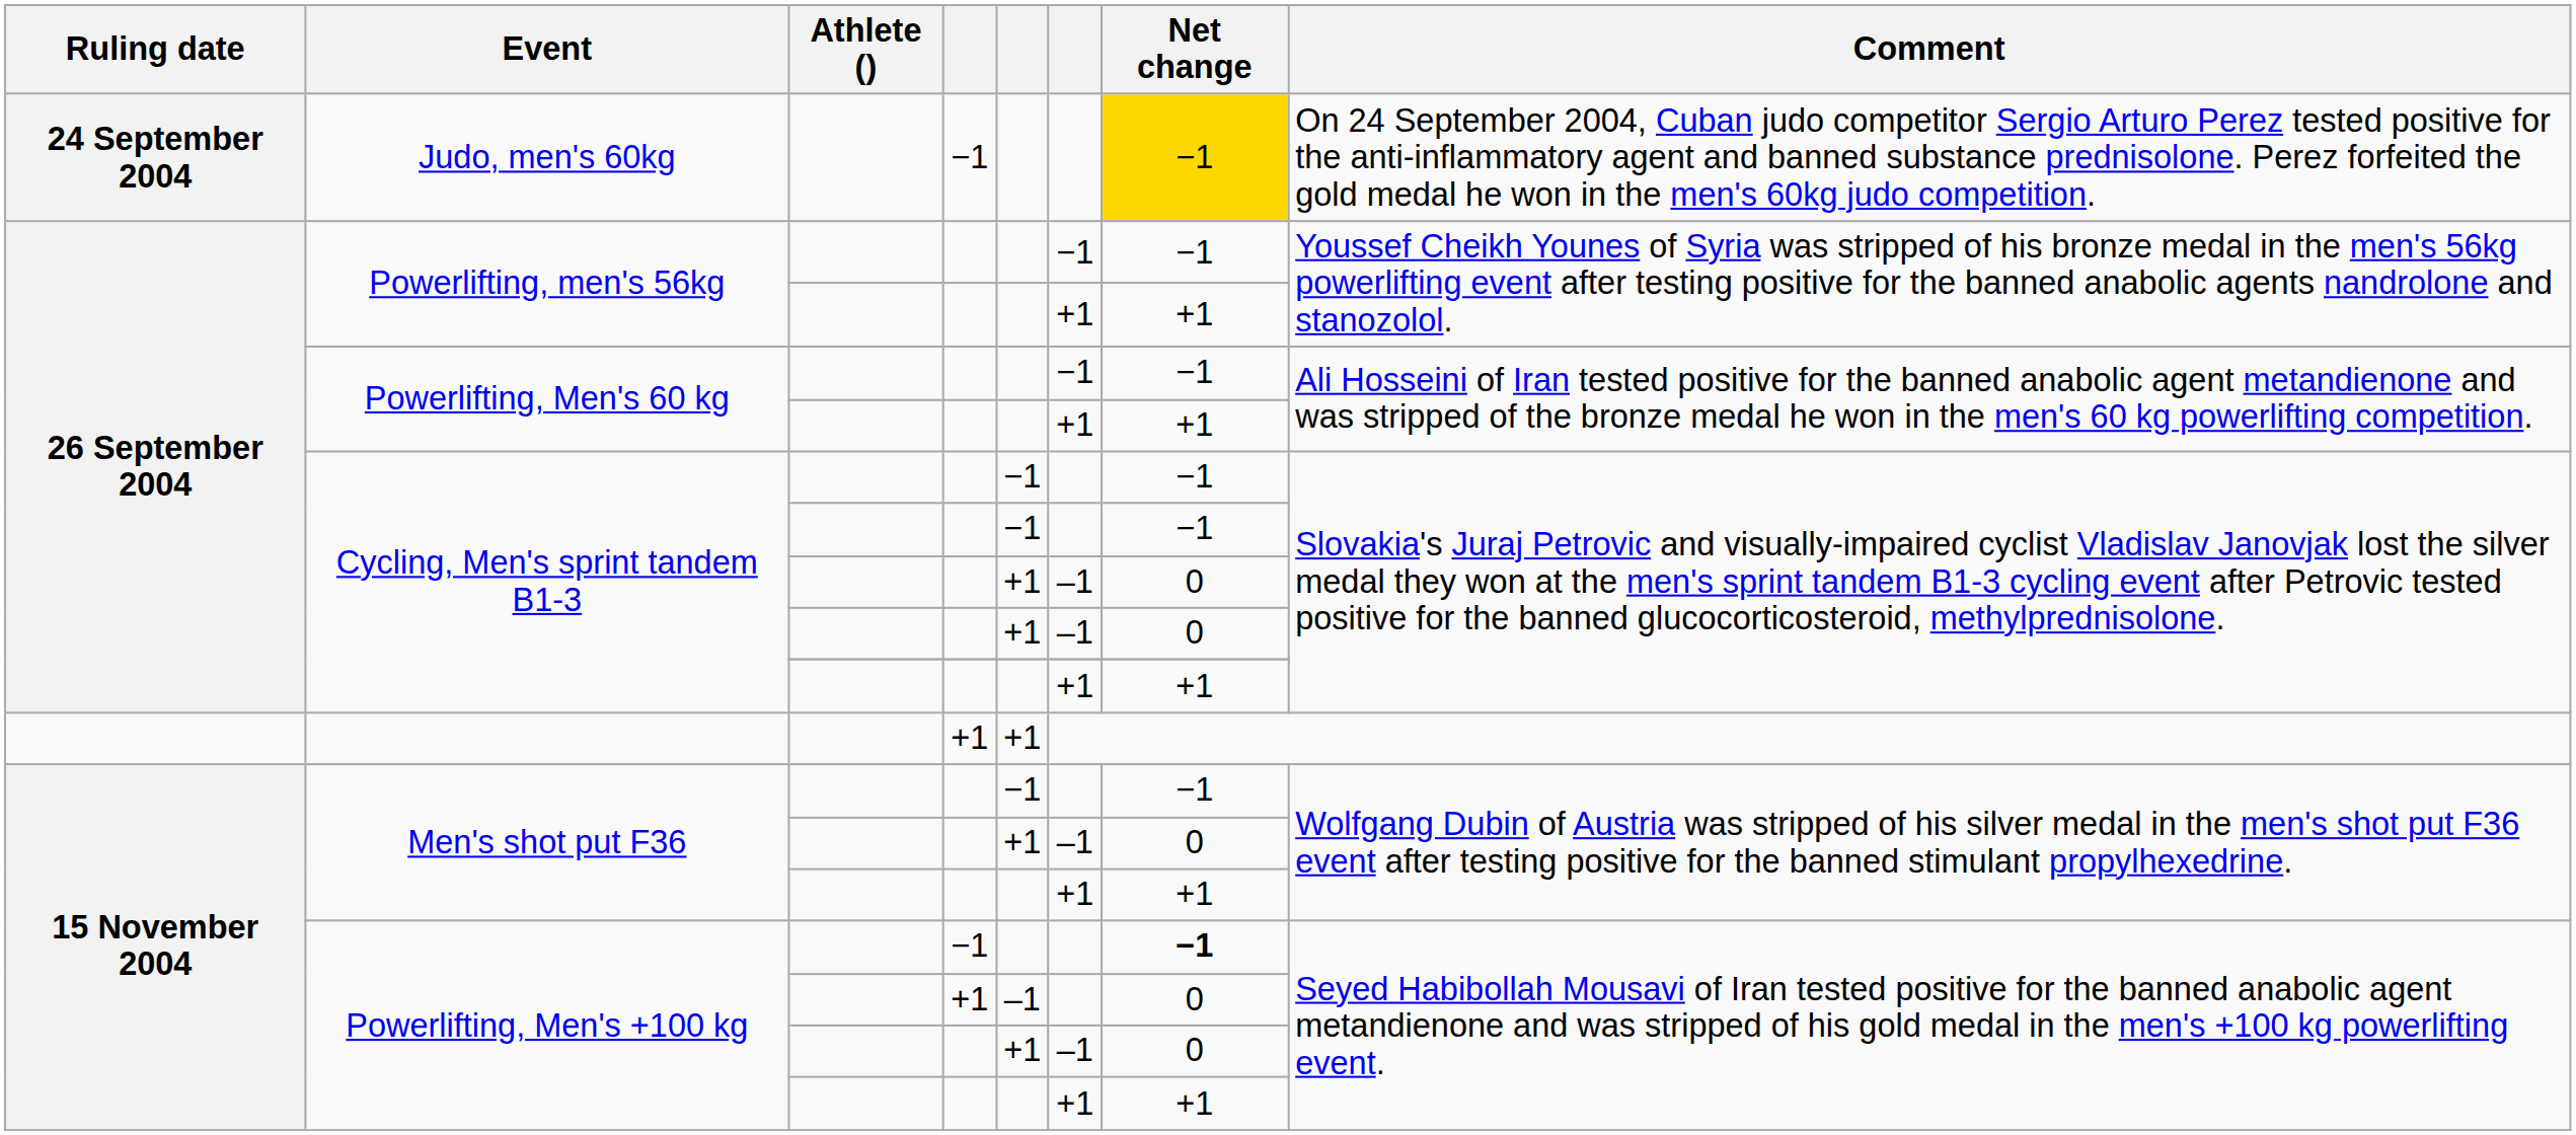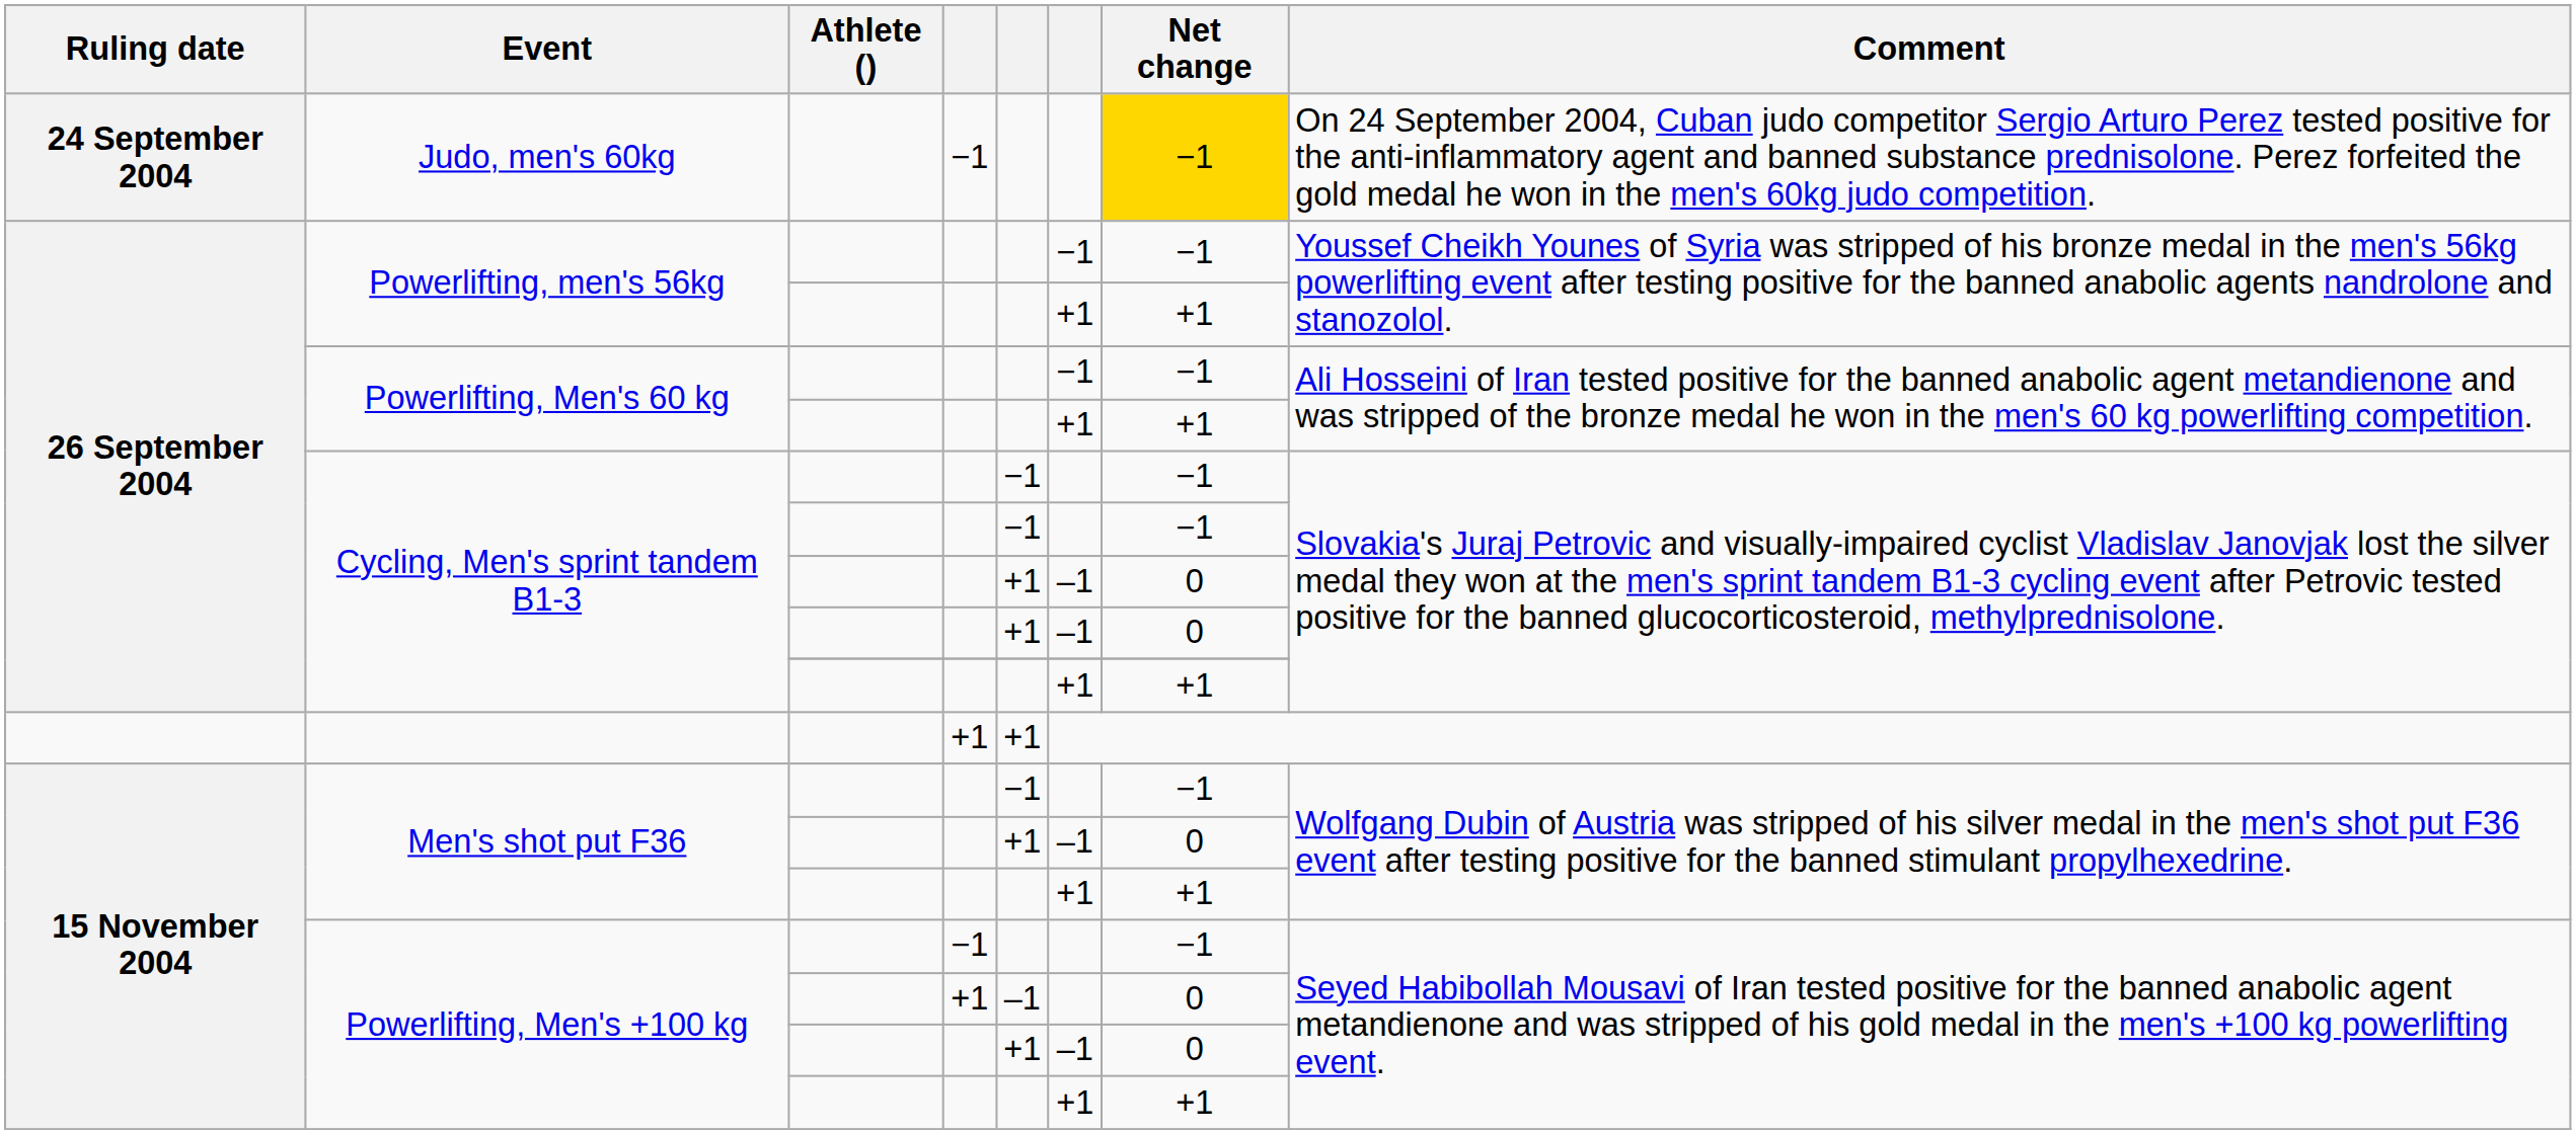 <table class="wikitable" style="text-align:center;">
 <tr>
 <th scope="col">Ruling date</th>
 <th scope="col">Event</th>
 <th scope="col">Athlete ()</th>
 <th scope="col"></th>
 <th scope="col"></th>
 <th scope="col"></th>
 <th scope="col">Net change</th>
 <th scope="col" style="width:50%">Comment</th>
 </tr>
 <tr>
 <th scope="rowgroup">24 September 2004</th>
 <td><a href='#'>Judo, men's 60kg</a></td>
 <td align=left> </td>
 <td>−1</td>
 <td></td>
 <td></td>
 <td style="background: gold;">−1</td>
 <td style="text-align:left;">On 24 September 2004, <a href='#'>Cuban</a> judo competitor <a href='#'>Sergio Arturo Perez</a> tested positive for the anti-inflammatory agent and banned substance <a href='#'>prednisolone</a>. Perez forfeited the gold medal he won in the <a href='#'>men's 60kg judo competition</a>.</td>
 </tr>
 <tr>
 <th rowspan="10" scope="rowgroup">26 September 2004</th>
 <td rowspan="2"><a href='#'>Powerlifting, men's 56kg</a></td>
 <td align=left> </td>
 <td></td>
 <td></td>
 <td>−1</td>
 <td>−1</td>
 <td rowspan="2" style="text-align:left;"><a href='#'>Youssef Cheikh Younes</a> of <a href='#'>Syria</a> was stripped of his bronze medal in the <a href='#'>men's 56kg powerlifting event</a> after testing positive for the banned anabolic agents <a href='#'>nandrolone</a> and <a href='#'>stanozolol</a>.</td>
 </tr>
 <tr>
 <td align=left></td>
 <td></td>
 <td></td>
 <td>+1</td>
 <td>+1</td>
 </tr>
 <tr>
 <td rowspan="2"><a href='#'>Powerlifting, Men's 60 kg</a></td>
 <td align=left> </td>
 <td></td>
 <td></td>
 <td>−1</td>
 <td>−1</td>
 <td rowspan="2" style="text-align:left;"><a href='#'>Ali Hosseini</a> of <a href='#'>Iran</a> tested positive for the banned anabolic agent <a href='#'>metandienone</a> and was stripped of the bronze medal he won in the <a href='#'>men's 60 kg powerlifting competition</a>.</td>
 </tr>
 <tr>
 <td align=left></td>
 <td></td>
 <td></td>
 <td>+1</td>
 <td>+1</td>
 </tr>
 <tr>
 <td rowspan="6"><a href='#'>Cycling, Men's sprint tandem B1-3</a></td>
 <td align=left> </td>
 <td></td>
 <td>−1</td>
 <td></td>
 <td>−1</td>
 <td rowspan="6" style="text-align:left;"><a href='#'>Slovakia</a>'s <a href='#'>Juraj Petrovic</a> and visually-impaired cyclist <a href='#'>Vladislav Janovjak</a> lost the silver medal they won at the <a href='#'>men's sprint tandem B1-3 cycling event</a> after Petrovic tested positive for  the banned glucocorticosteroid, <a href='#'>methylprednisolone</a>.</td>
 </tr>
 <tr>
 <td align=left> </td>
 <td></td>
 <td>−1</td>
 <td></td>
 <td>−1</td>
 </tr>
 <tr>
 <td align=left></td>
 <td></td>
 <td>+1</td>
 <td>–1</td>
 <td>0</td>
 </tr>
 <tr>
 <td align=left></td>
 <td></td>
 <td>+1</td>
 <td>–1</td>
 <td>0</td>
 </tr>
 <tr>
 </tr>
 <tr>
 <td align=left></td>
 <td></td>
 <td></td>
 <td>+1</td>
 <td>+1</td>
 </tr>
 <tr>
 <td align=left></td>
 <td></td>
 <td></td>
 <td>+1</td>
 <td>+1</td>
 </tr>
 <tr>
 <th scope="rowgroup" rowspan="7">15 November 2004</th>
 <td rowspan="3"><a href='#'>Men's shot put F36</a></td>
 <td align=left> </td>
 <td></td>
 <td>−1</td>
 <td></td>
 <td>−1</td>
 <td rowspan="3" style="text-align:left;"><a href='#'>Wolfgang Dubin</a> of <a href='#'>Austria</a> was stripped of his silver medal in the <a href='#'>men's shot put F36 event</a> after testing positive for the banned stimulant <a href='#'>propylhexedrine</a>.</td>
 </tr>
 <tr>
 <td align=left></td>
 <td></td>
 <td>+1</td>
 <td>–1</td>
 <td>0</td>
 </tr>
 <tr>
 <td align=left></td>
 <td></td>
 <td></td>
 <td>+1</td>
 <td>+1</td>
 </tr>
 <tr>
 <td rowspan="4"><a href='#'>Powerlifting, Men's +100 kg</a></td>
 <td align=left> </td>
 <td>−1</td>
 <td></td>
 <td></td>
-<td><strong>−1</strong></td>
+<td>−1</td>
 <td rowspan="4" style="text-align:left;"><a href='#'>Seyed Habibollah Mousavi</a> of Iran tested positive for the banned anabolic agent metandienone and was stripped of his gold medal in the <a href='#'>men's +100 kg powerlifting event</a>.</td>
 </tr>
 <tr>
 <td align=left></td>
 <td>+1</td>
 <td>–1</td>
 <td></td>
 <td>0</td>
 </tr>
 <tr>
 <td align=left></td>
 <td></td>
 <td>+1</td>
 <td>–1</td>
 <td>0</td>
 </tr>
 <tr>
 <td align=left></td>
 <td></td>
 <td></td>
 <td>+1</td>
 <td>+1</td>
 </tr>
 <tr>
 </tr>
 </table>
